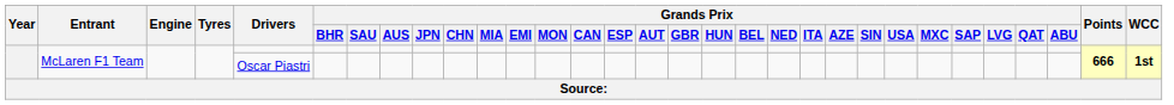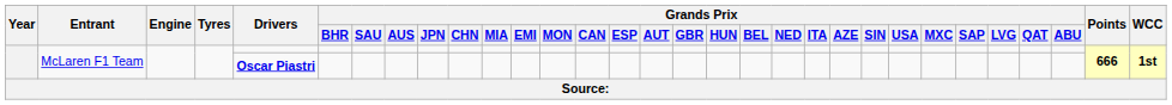 <table class="wikitable" style="text-align:center; font-size:85%">
 <tr>
 <th rowspan="2">Year</th>
 <th rowspan="2">Entrant</th>
 <th rowspan="2">Engine</th>
 <th rowspan="2">Tyres</th>
 <th rowspan="2">Drivers</th>
 <th colspan="24">Grands Prix</th>
 <th rowspan="2">Points</th>
 <th rowspan="2">WCC</th>
 </tr>
 <tr>
 <th><a href='#'>BHR</a></th>
 <th><a href='#'>SAU</a></th>
 <th><a href='#'>AUS</a></th>
 <th><a href='#'>JPN</a></th>
 <th><a href='#'>CHN</a></th>
 <th><a href='#'>MIA</a></th>
 <th><a href='#'>EMI</a></th>
 <th><a href='#'>MON</a></th>
 <th><a href='#'>CAN</a></th>
 <th><a href='#'>ESP</a></th>
 <th><a href='#'>AUT</a></th>
 <th><a href='#'>GBR</a></th>
 <th><a href='#'>HUN</a></th>
 <th><a href='#'>BEL</a></th>
 <th><a href='#'>NED</a></th>
 <th><a href='#'>ITA</a></th>
 <th><a href='#'>AZE</a></th>
 <th><a href='#'>SIN</a></th>
 <th><a href='#'>USA</a></th>
 <th><a href='#'>MXC</a></th>
 <th><a href='#'>SAP</a></th>
 <th><a href='#'>LVG</a></th>
 <th><a href='#'>QAT</a></th>
 <th><a href='#'>ABU</a></th>
 </tr>
 <tr>
 <th rowspan="2"></th>
 <td rowspan="2"><a href='#'>McLaren F1 Team</a></td>
 <td rowspan="2"><br><br></td>
 <td rowspan="2"></td>
 <td align="left"></td>
 <td></td>
 <td></td>
 <td></td>
 <td></td>
 <td></td>
 <td></td>
 <td></td>
 <td></td>
 <td></td>
 <td></td>
 <td></td>
 <td></td>
 <td></td>
 <td></td>
 <td></td>
 <td></td>
 <td></td>
 <td></td>
 <td></td>
 <td></td>
 <td></td>
 <td></td>
 <td></td>
 <td></td>
 <th rowspan="2" style="background:#ffffbf;">666</th>
 <th rowspan="2" style="background:#ffffbf;">1st</th>
 </tr>
 <tr>
-<td align=left> <a href='#'>Oscar Piastri</a></td>
+<td align=left><strong> <a href='#'>Oscar Piastri</a></strong></td>
 <td></td>
 <td></td>
 <td></td>
 <td></td>
 <td></td>
 <td></td>
 <td></td>
 <td></td>
 <td></td>
 <td></td>
 <td></td>
 <td></td>
 <td></td>
 <td></td>
 <td></td>
 <td></td>
 <td></td>
 <td></td>
 <td></td>
 <td></td>
 <td></td>
 <td></td>
 <td></td>
 <td></td>
 </tr>
 <tr>
 <th colspan="31">Source:</th>
 </tr>
 </table>
